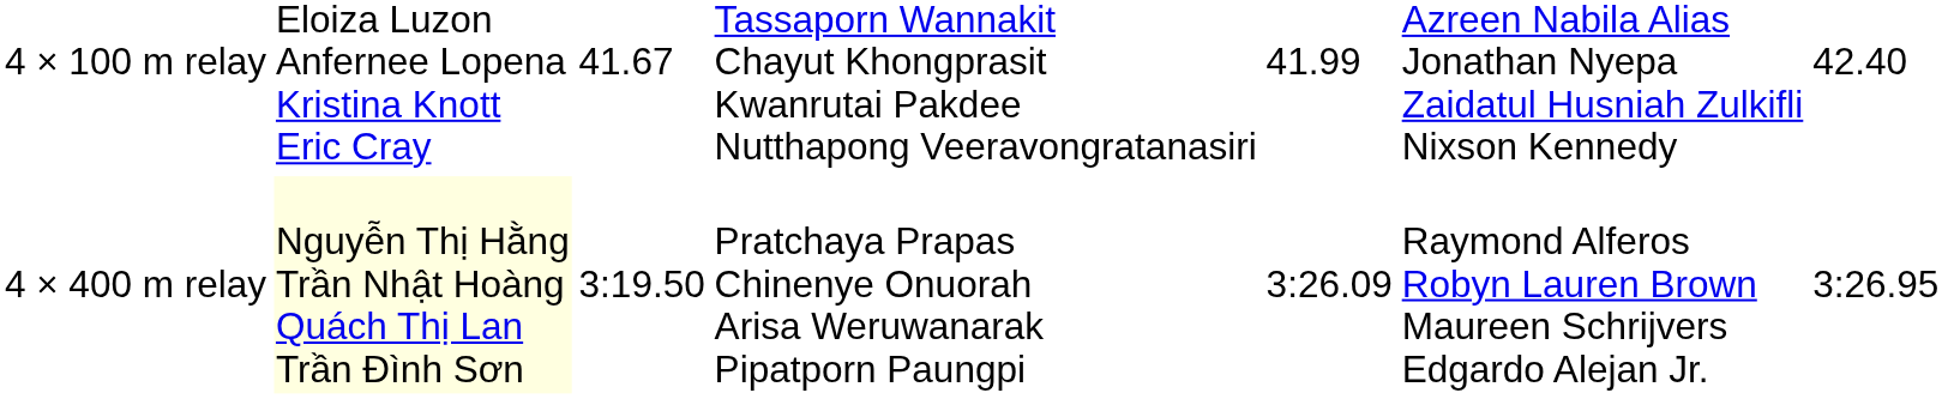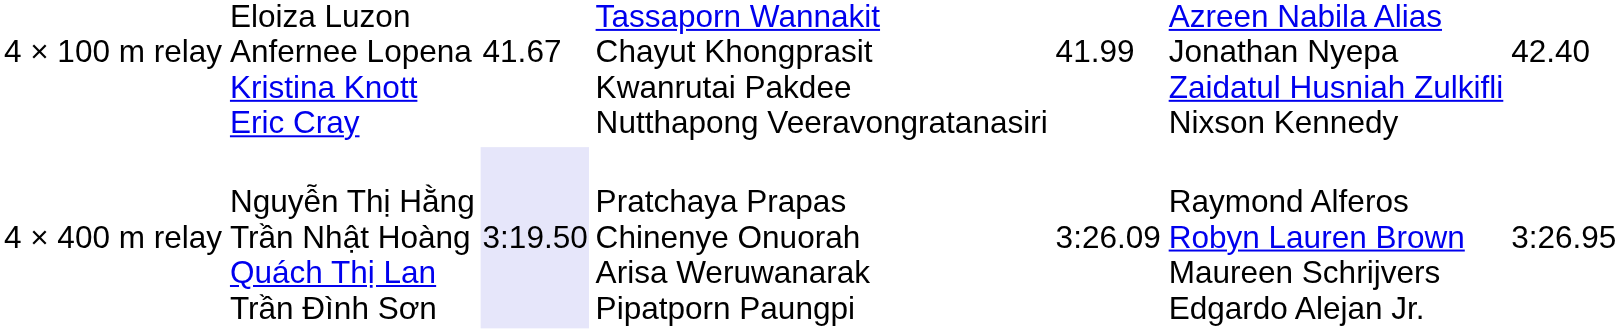 <table>
 <tr>
 <td>4 × 100 m relay</td>
 <td><br>Eloiza Luzon<br>Anfernee Lopena<br><a href='#'>Kristina Knott</a><br><a href='#'>Eric Cray</a></td>
 <td>41.67</td>
 <td><br><a href='#'>Tassaporn Wannakit</a><br>Chayut Khongprasit<br>Kwanrutai Pakdee<br>Nutthapong Veeravongratanasiri</td>
 <td>41.99</td>
 <td><br><a href='#'>Azreen Nabila Alias</a><br>Jonathan Nyepa<br><a href='#'>Zaidatul Husniah Zulkifli</a><br>Nixson Kennedy</td>
 <td>42.40</td>
 </tr>
 <tr>
 <td>4 × 400 m relay</td>
-<td style="background: lightyellow;"><br>Nguyễn Thị Hằng<br>Trần Nhật Hoàng<br><a href='#'>Quách Thị Lan</a><br>Trần Đình Sơn</td>
-<td>3:19.50</td>
+<td><br>Nguyễn Thị Hằng<br>Trần Nhật Hoàng<br><a href='#'>Quách Thị Lan</a><br>Trần Đình Sơn</td>
+<td style="background: lavender;">3:19.50</td>
 <td><br>Pratchaya Prapas<br>Chinenye Onuorah<br>Arisa Weruwanarak<br>Pipatporn Paungpi</td>
 <td>3:26.09</td>
 <td><br>Raymond Alferos<br><a href='#'>Robyn Lauren Brown</a><br>Maureen Schrijvers<br>Edgardo Alejan Jr.</td>
 <td>3:26.95</td>
 </tr>
 </table>
